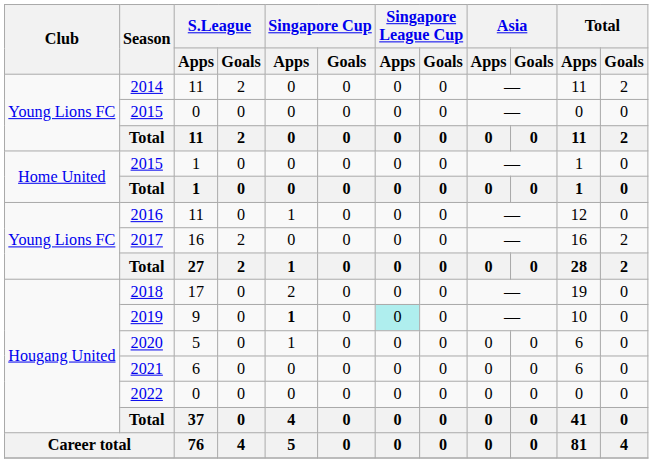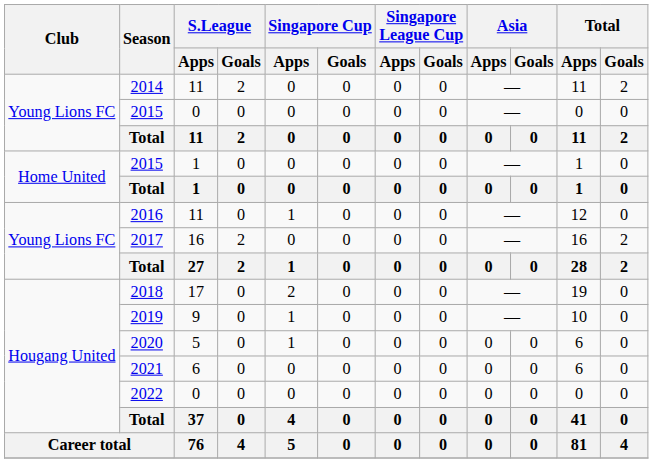 <table class="wikitable" style="text-align:center">
 <tr>
 <th rowspan="2">Club</th>
 <th rowspan="2">Season</th>
 <th colspan="2"><a href='#'>S.League</a></th>
 <th colspan="2"><a href='#'>Singapore Cup</a></th>
 <th colspan="2"><a href='#'>Singapore<br>League Cup</a></th>
 <th colspan="2"><a href='#'>Asia</a></th>
 <th colspan="2">Total</th>
 </tr>
 <tr>
 <th>Apps</th>
 <th>Goals</th>
 <th>Apps</th>
 <th>Goals</th>
 <th>Apps</th>
 <th>Goals</th>
 <th>Apps</th>
 <th>Goals</th>
 <th>Apps</th>
 <th>Goals</th>
 </tr>
 <tr>
 <td rowspan="3"><a href='#'>Young Lions FC</a></td>
 <td><a href='#'>2014</a></td>
 <td>11</td>
 <td>2</td>
 <td>0</td>
 <td>0</td>
 <td>0</td>
 <td>0</td>
 <td colspan='2'>—</td>
 <td>11</td>
 <td>2</td>
 </tr>
 <tr>
 <td><a href='#'>2015</a></td>
 <td>0</td>
 <td>0</td>
 <td>0</td>
 <td>0</td>
 <td>0</td>
 <td>0</td>
 <td colspan='2'>—</td>
 <td>0</td>
 <td>0</td>
 </tr>
 <tr>
 <th>Total</th>
 <th>11</th>
 <th>2</th>
 <th>0</th>
 <th>0</th>
 <th>0</th>
 <th>0</th>
 <th>0</th>
 <th>0</th>
 <th>11</th>
 <th>2</th>
 </tr>
 <tr>
 <td rowspan="2"><a href='#'>Home United</a></td>
 <td><a href='#'>2015</a></td>
 <td>1</td>
 <td>0</td>
 <td>0</td>
 <td>0</td>
 <td>0</td>
 <td>0</td>
 <td colspan='2'>—</td>
 <td>1</td>
 <td>0</td>
 </tr>
 <tr>
 <th>Total</th>
 <th>1</th>
 <th>0</th>
 <th>0</th>
 <th>0</th>
 <th>0</th>
 <th>0</th>
 <th>0</th>
 <th>0</th>
 <th>1</th>
 <th>0</th>
 </tr>
 <tr>
 <td rowspan="3"><a href='#'>Young Lions FC</a></td>
 <td><a href='#'>2016</a></td>
 <td>11</td>
 <td>0</td>
 <td>1</td>
 <td>0</td>
 <td>0</td>
 <td>0</td>
 <td colspan='2'>—</td>
 <td>12</td>
 <td>0</td>
 </tr>
 <tr>
 <td><a href='#'>2017</a></td>
 <td>16</td>
 <td>2</td>
 <td>0</td>
 <td>0</td>
 <td>0</td>
 <td>0</td>
 <td colspan='2'>—</td>
 <td>16</td>
 <td>2</td>
 </tr>
 <tr>
 <th>Total</th>
 <th>27</th>
 <th>2</th>
 <th>1</th>
 <th>0</th>
 <th>0</th>
 <th>0</th>
 <th>0</th>
 <th>0</th>
 <th>28</th>
 <th>2</th>
 </tr>
 <tr>
 <td rowspan="6"><a href='#'>Hougang United</a></td>
 <td><a href='#'>2018</a></td>
 <td>17</td>
 <td>0</td>
 <td>2</td>
 <td>0</td>
 <td>0</td>
 <td>0</td>
 <td colspan='2'>—</td>
 <td>19</td>
 <td>0</td>
 </tr>
 <tr>
 <td><a href='#'>2019</a></td>
 <td>9</td>
 <td>0</td>
-<td><strong>1</strong></td>
+<td>1</td>
 <td>0</td>
-<td style="background: paleturquoise;">0</td>
+<td>0</td>
 <td>0</td>
 <td colspan='2'>—</td>
 <td>10</td>
 <td>0</td>
 </tr>
 <tr>
 <td><a href='#'>2020</a></td>
 <td>5</td>
 <td>0</td>
 <td>1</td>
 <td>0</td>
 <td>0</td>
 <td>0</td>
 <td>0</td>
 <td>0</td>
 <td>6</td>
 <td>0</td>
 </tr>
 <tr>
 <td><a href='#'>2021</a></td>
 <td>6</td>
 <td>0</td>
 <td>0</td>
 <td>0</td>
 <td>0</td>
 <td>0</td>
 <td>0</td>
 <td>0</td>
 <td>6</td>
 <td>0</td>
 </tr>
 <tr>
 <td><a href='#'>2022</a></td>
 <td>0</td>
 <td>0</td>
 <td>0</td>
 <td>0</td>
 <td>0</td>
 <td>0</td>
 <td>0</td>
 <td>0</td>
 <td>0</td>
 <td>0</td>
 </tr>
 <tr>
 <th>Total</th>
 <th>37</th>
 <th>0</th>
 <th>4</th>
 <th>0</th>
 <th>0</th>
 <th>0</th>
 <th>0</th>
 <th>0</th>
 <th>41</th>
 <th>0</th>
 </tr>
 <tr>
 <th colspan="2">Career total</th>
 <th>76</th>
 <th>4</th>
 <th>5</th>
 <th>0</th>
 <th>0</th>
 <th>0</th>
 <th>0</th>
 <th>0</th>
 <th>81</th>
 <th>4</th>
 </tr>
 <tr>
 </tr>
 </table>
